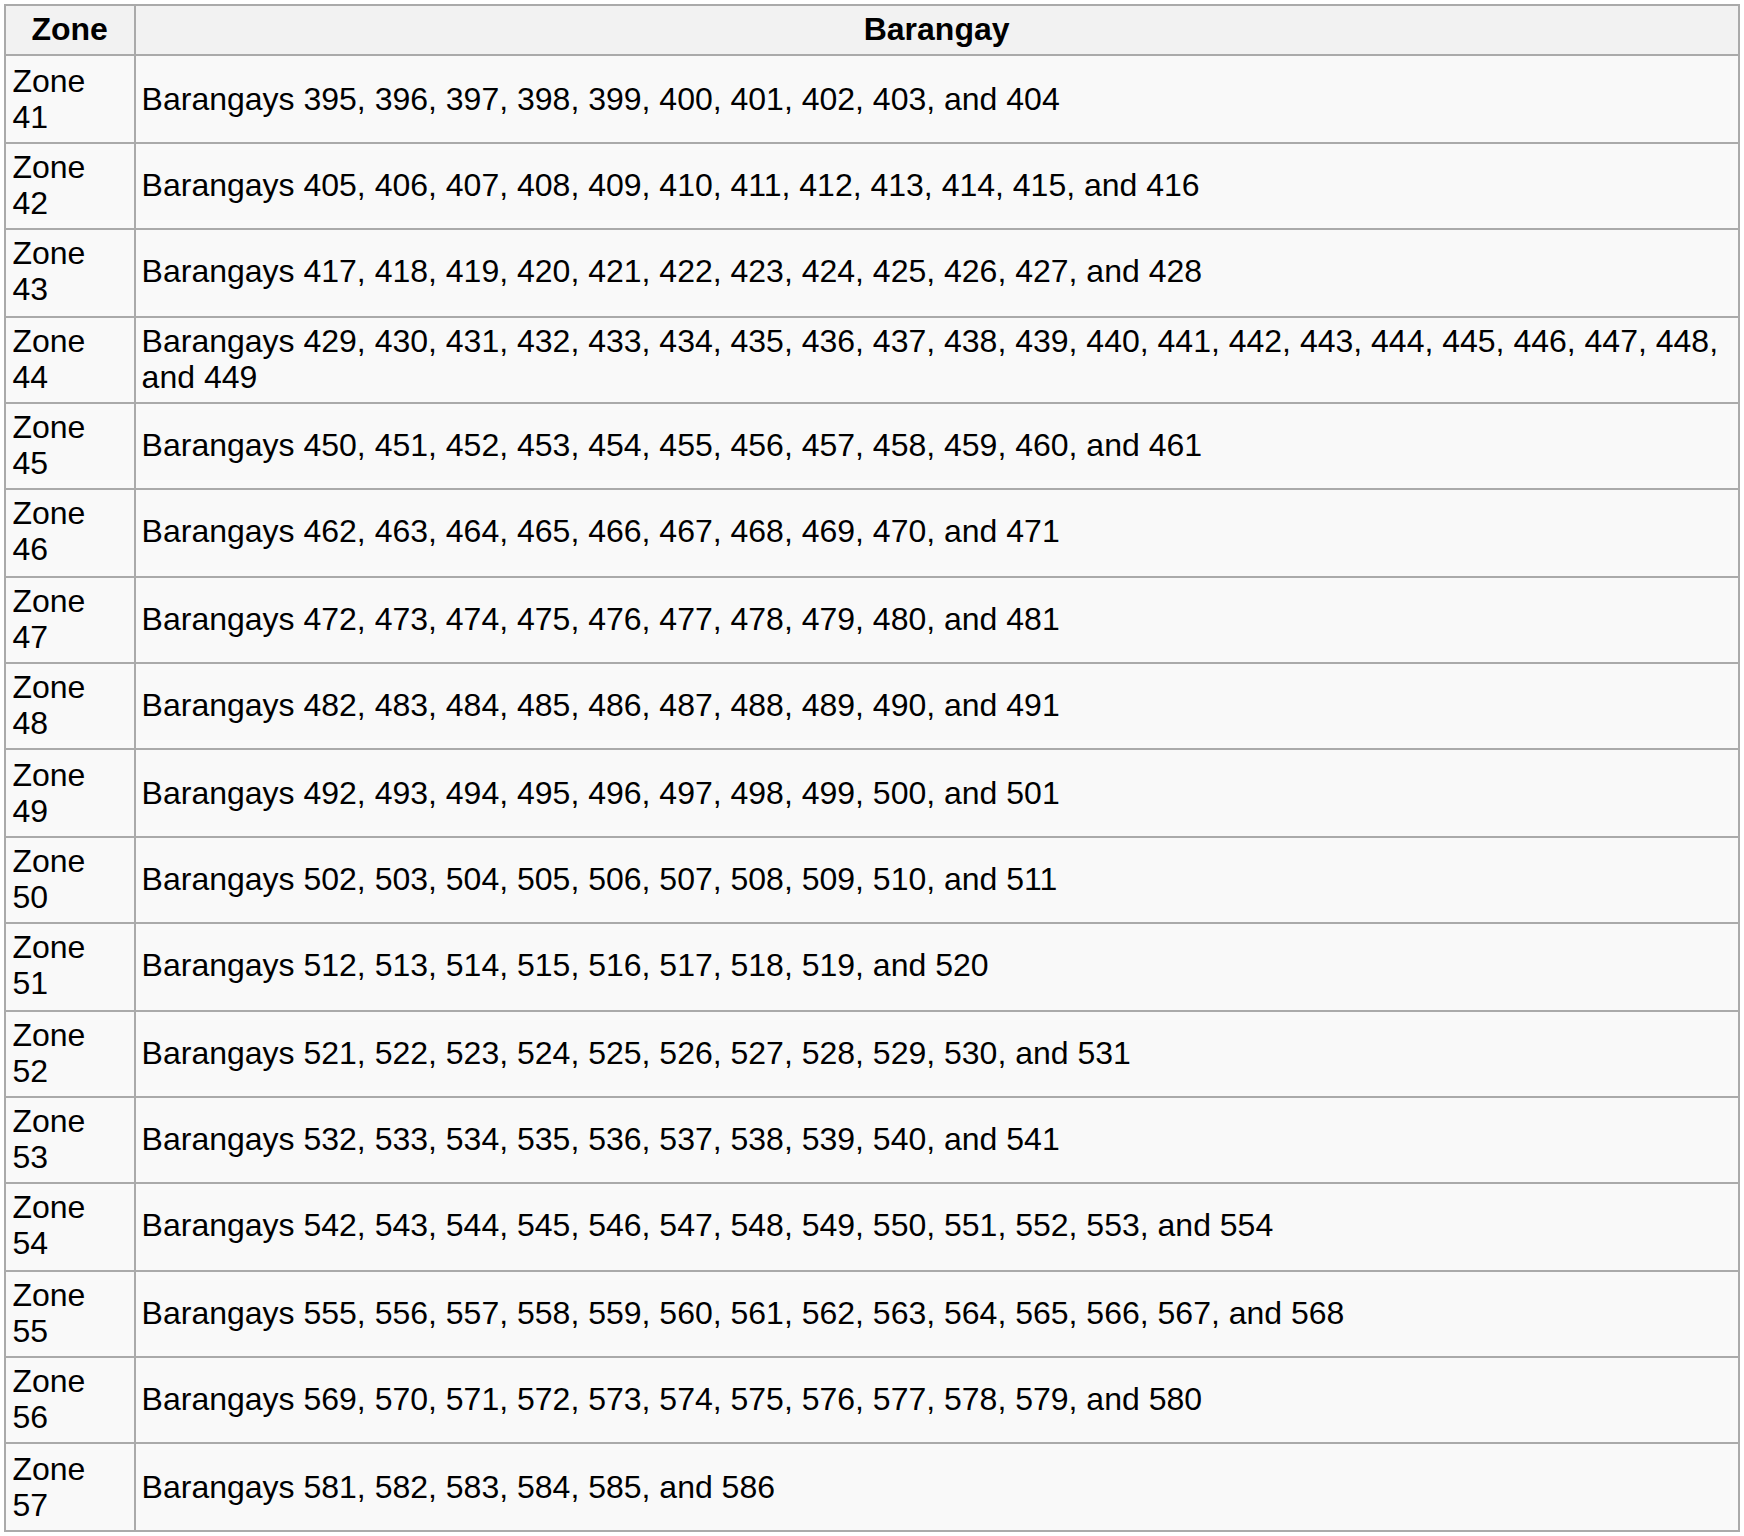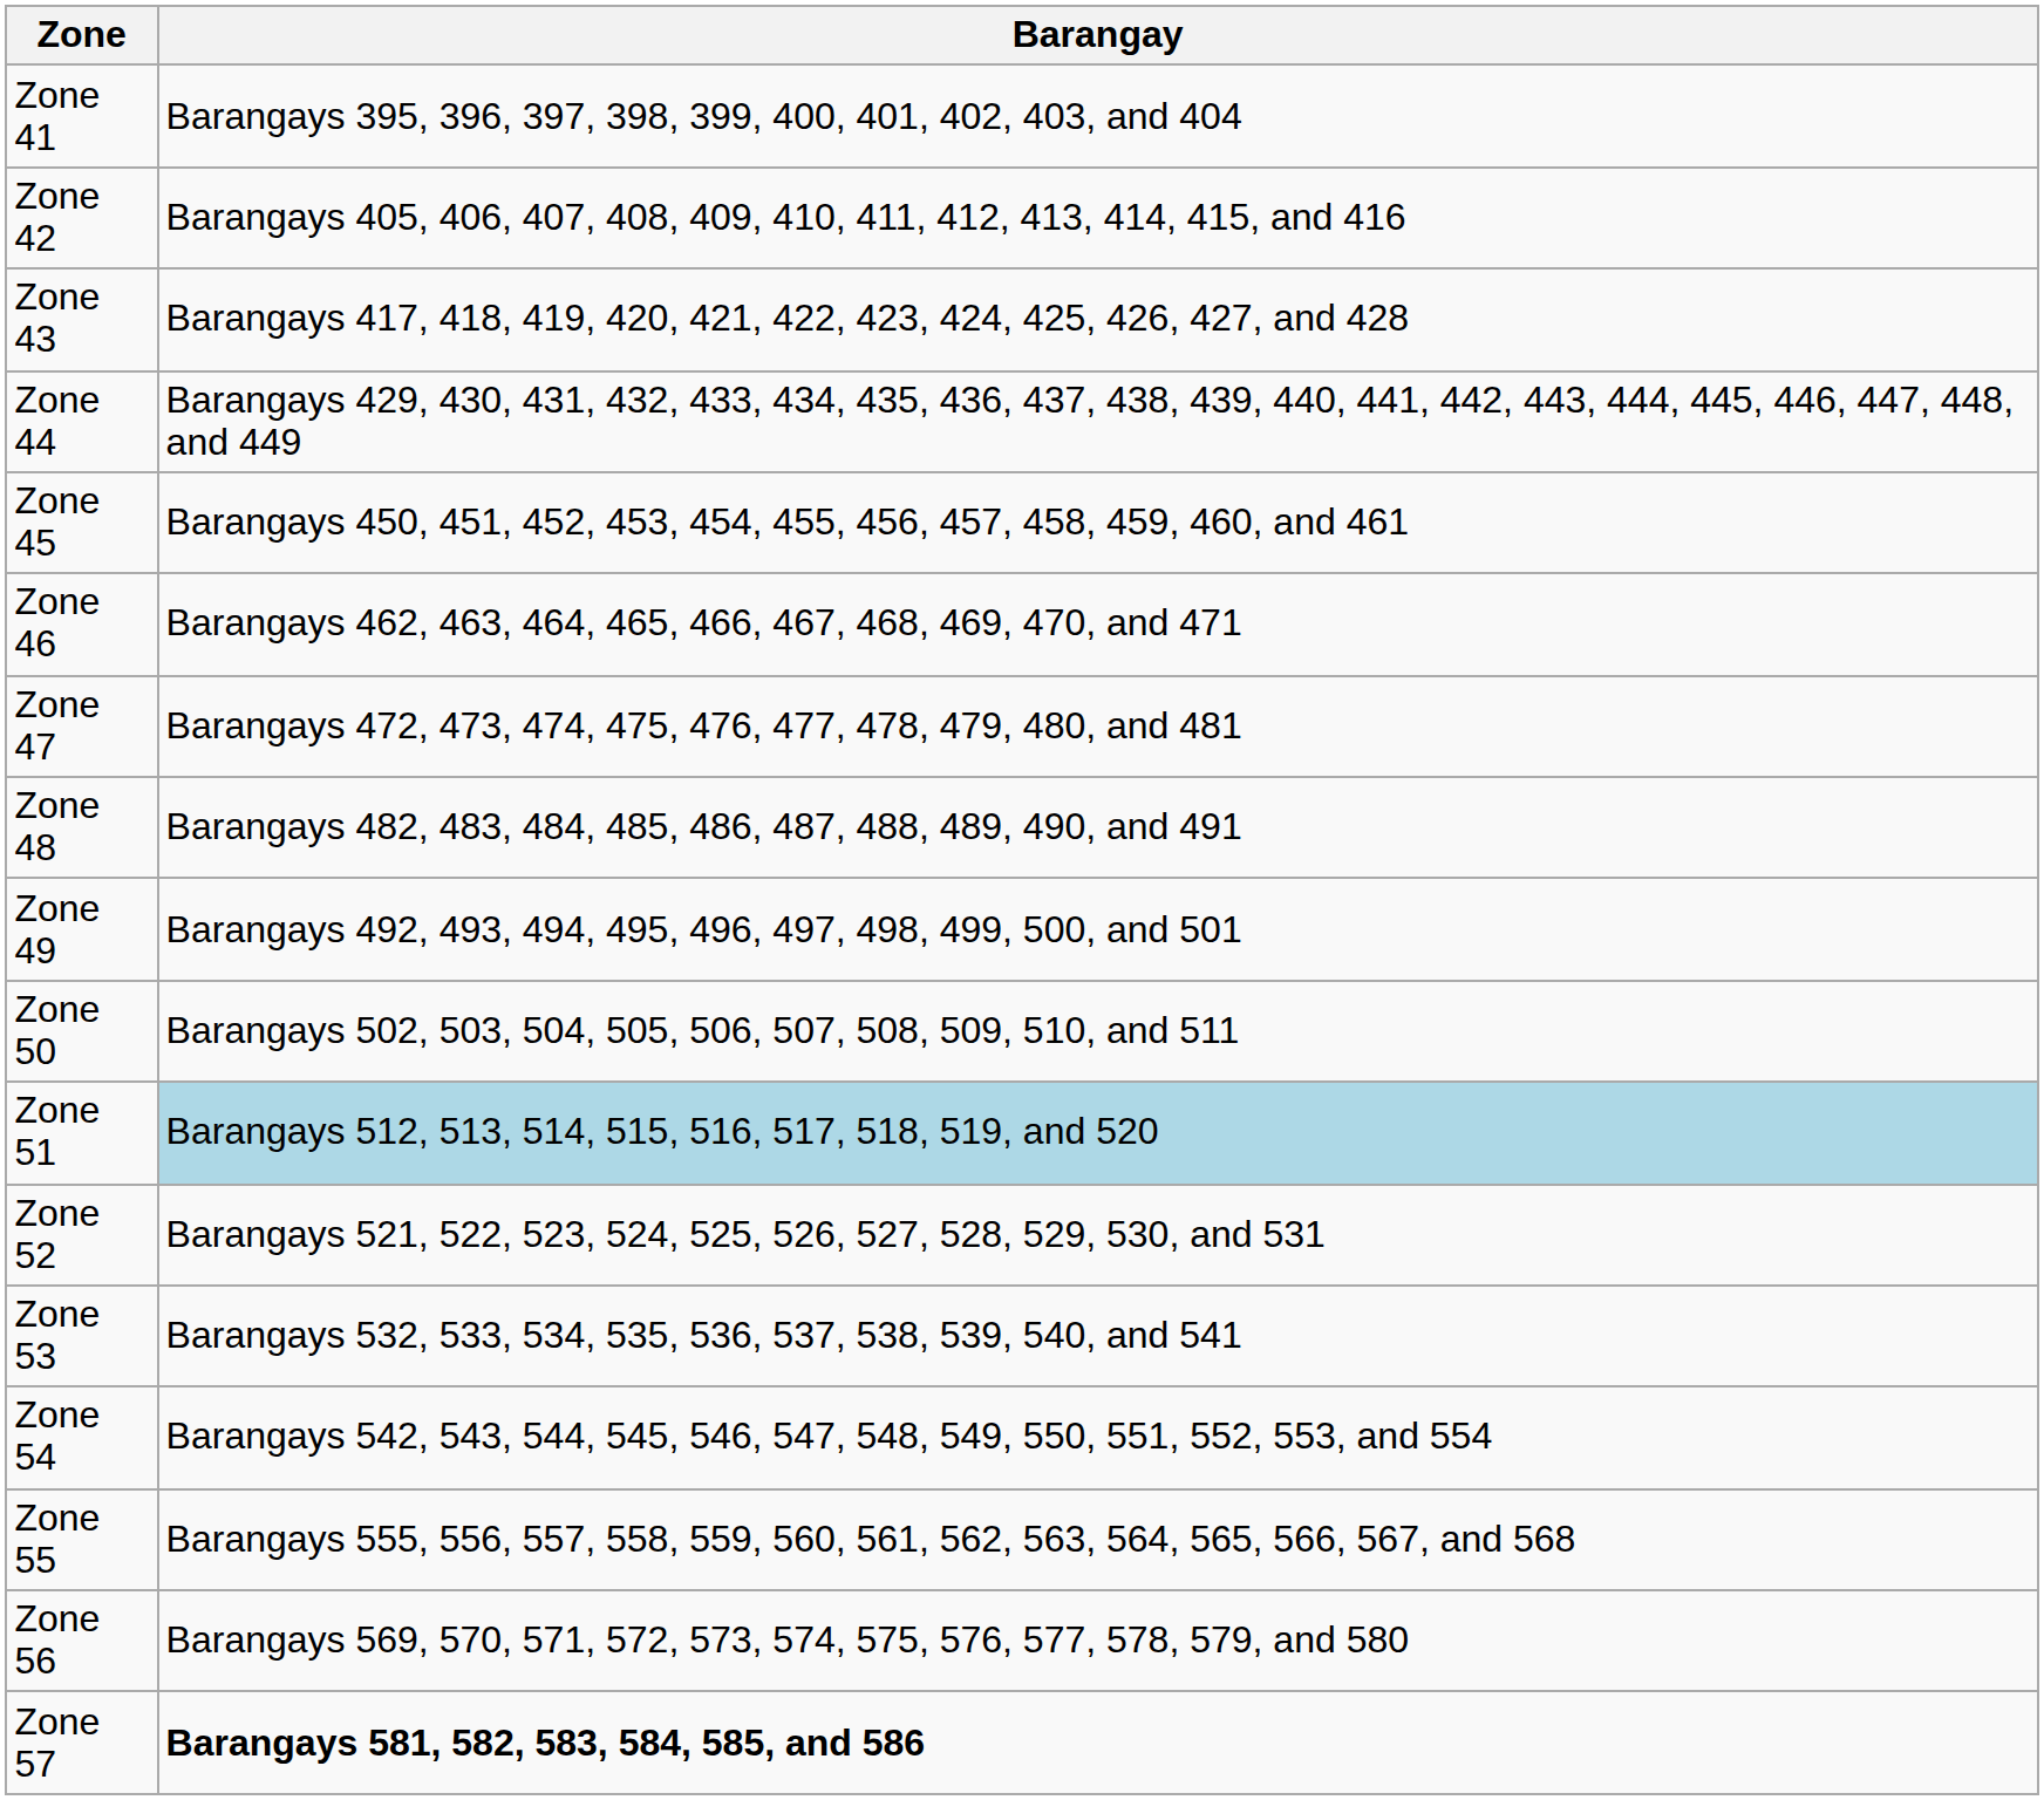 <table class="wikitable">
 <tr>
 <th>Zone</th>
 <th>Barangay</th>
 </tr>
 <tr>
 <td>Zone 41</td>
 <td>Barangays 395, 396, 397, 398, 399, 400, 401, 402, 403, and 404</td>
 </tr>
 <tr>
 <td>Zone 42</td>
 <td>Barangays 405, 406, 407, 408, 409, 410, 411, 412, 413, 414, 415, and 416</td>
 </tr>
 <tr>
 <td>Zone 43</td>
 <td>Barangays 417, 418, 419, 420, 421, 422, 423, 424, 425, 426, 427, and 428</td>
 </tr>
 <tr>
 <td>Zone 44</td>
 <td>Barangays 429, 430, 431, 432, 433, 434, 435, 436, 437, 438, 439, 440, 441, 442, 443, 444, 445, 446, 447, 448, and 449</td>
 </tr>
 <tr>
 <td>Zone 45</td>
 <td>Barangays 450, 451, 452, 453, 454, 455, 456, 457, 458, 459, 460, and 461</td>
 </tr>
 <tr>
 <td>Zone 46</td>
 <td>Barangays 462, 463, 464, 465, 466, 467, 468, 469, 470, and 471</td>
 </tr>
 <tr>
 <td>Zone 47</td>
 <td>Barangays 472, 473, 474, 475, 476, 477, 478, 479, 480, and 481</td>
 </tr>
 <tr>
 <td>Zone 48</td>
 <td>Barangays 482, 483, 484, 485, 486, 487, 488, 489, 490, and 491</td>
 </tr>
 <tr>
 <td>Zone 49</td>
 <td>Barangays 492, 493, 494, 495, 496, 497, 498, 499, 500, and 501</td>
 </tr>
 <tr>
 <td>Zone 50</td>
 <td>Barangays 502, 503, 504, 505, 506, 507, 508, 509, 510, and 511</td>
 </tr>
 <tr>
 <td>Zone 51</td>
-<td>Barangays 512, 513, 514, 515, 516, 517, 518, 519, and 520</td>
+<td style="background: lightblue;">Barangays 512, 513, 514, 515, 516, 517, 518, 519, and 520</td>
 </tr>
 <tr>
 <td>Zone 52</td>
 <td>Barangays 521, 522, 523, 524, 525, 526, 527, 528, 529, 530, and 531</td>
 </tr>
 <tr>
 <td>Zone 53</td>
 <td>Barangays 532, 533, 534, 535, 536, 537, 538, 539, 540, and 541</td>
 </tr>
 <tr>
 <td>Zone 54</td>
 <td>Barangays 542, 543, 544, 545, 546, 547, 548, 549, 550, 551, 552, 553, and 554</td>
 </tr>
 <tr>
 <td>Zone 55</td>
 <td>Barangays 555, 556, 557, 558, 559, 560, 561, 562, 563, 564, 565, 566, 567, and 568</td>
 </tr>
 <tr>
 <td>Zone 56</td>
 <td>Barangays 569, 570, 571, 572, 573, 574, 575, 576, 577, 578, 579, and 580</td>
 </tr>
 <tr>
 <td>Zone 57</td>
-<td>Barangays 581, 582, 583, 584, 585, and 586</td>
+<td><strong>Barangays 581, 582, 583, 584, 585, and 586</strong></td>
 </tr>
 </table>
